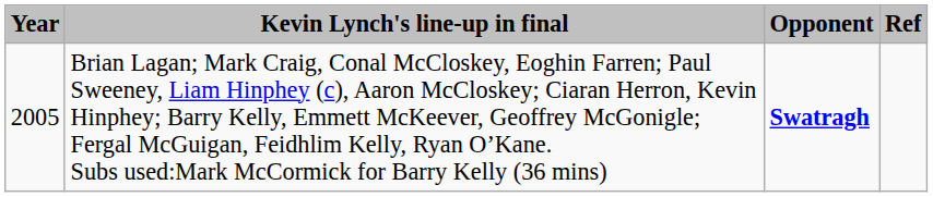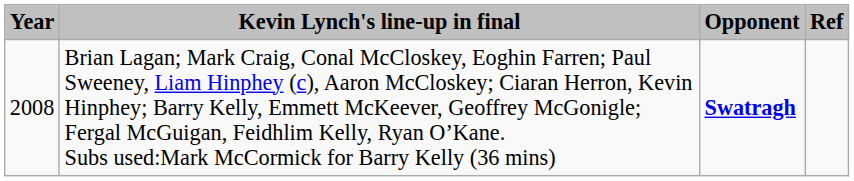 <table class="wikitable">
 <tr>
 <th style="background:silver;">Year</th>
 <th style="background:silver;">Kevin Lynch's line-up in final</th>
 <th style="background:silver;">Opponent</th>
 <th style="background:silver;">Ref</th>
 </tr>
 <tr>
-<td>2005</td>
+<td>2008</td>
 <td>Brian Lagan; Mark Craig, Conal McCloskey, Eoghin Farren; Paul Sweeney, <a href='#'>Liam Hinphey</a> (<a href='#'>c</a>), Aaron McCloskey; Ciaran Herron, Kevin Hinphey; Barry Kelly, Emmett McKeever, Geoffrey McGonigle; Fergal McGuigan, Feidhlim Kelly, Ryan O’Kane.<br>Subs used:Mark McCormick for Barry Kelly (36 mins)</td>
 <td><strong><a href='#'>Swatragh</a></strong></td>
 <td></td>
 </tr>
 </table>
